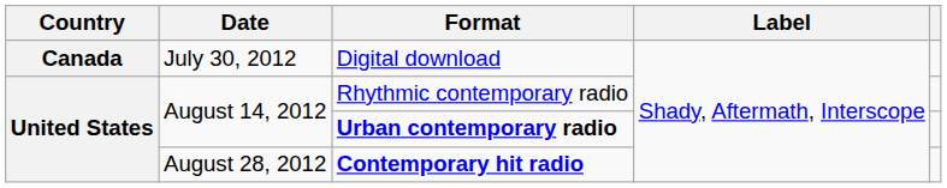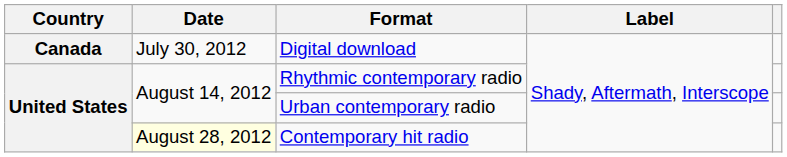 <table class="wikitable plainrowheaders">
 <tr>
 <th scope="col">Country</th>
 <th scope="col">Date</th>
 <th scope="col">Format</th>
 <th scope="col">Label</th>
 <th scope="col"></th>
 </tr>
 <tr>
 <th scope="row">Canada</th>
 <td rowspan="2">July 30, 2012</td>
 <td rowspan="2"><a href='#'>Digital download</a></td>
 <td rowspan="5"><a href='#'>Shady</a>, <a href='#'>Aftermath</a>, <a href='#'>Interscope</a></td>
 <td rowspan="2"></td>
 </tr>
 <tr>
 <th scope="row" rowspan="4">United States</th>
 </tr>
 <tr>
 <td rowspan="2">August 14, 2012</td>
 <td><a href='#'>Rhythmic contemporary</a> radio</td>
 <td></td>
 </tr>
 <tr>
-<td><strong><a href='#'>Urban contemporary</a> radio</strong></td>
+<td><a href='#'>Urban contemporary</a> radio</td>
 <td></td>
 </tr>
 <tr>
-<td>August 28, 2012</td>
-<td><strong><a href='#'>Contemporary hit radio</a></strong></td>
+<td style="background: lightyellow;">August 28, 2012</td>
+<td><a href='#'>Contemporary hit radio</a></td>
 <td></td>
 </tr>
 </table>
